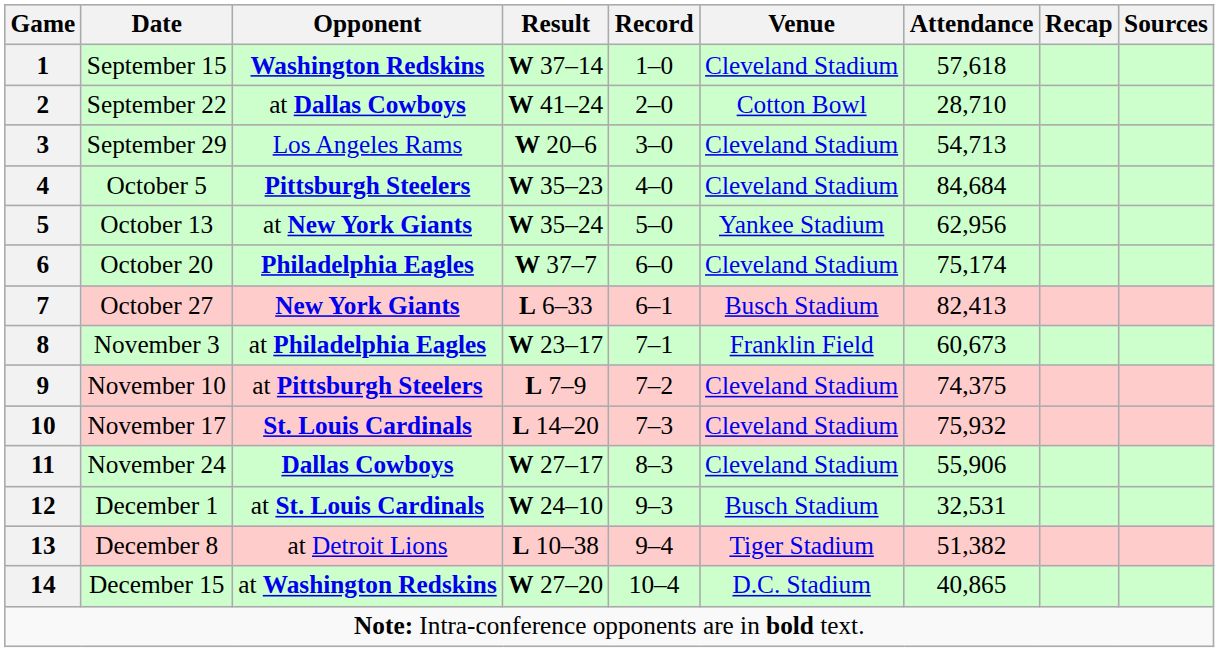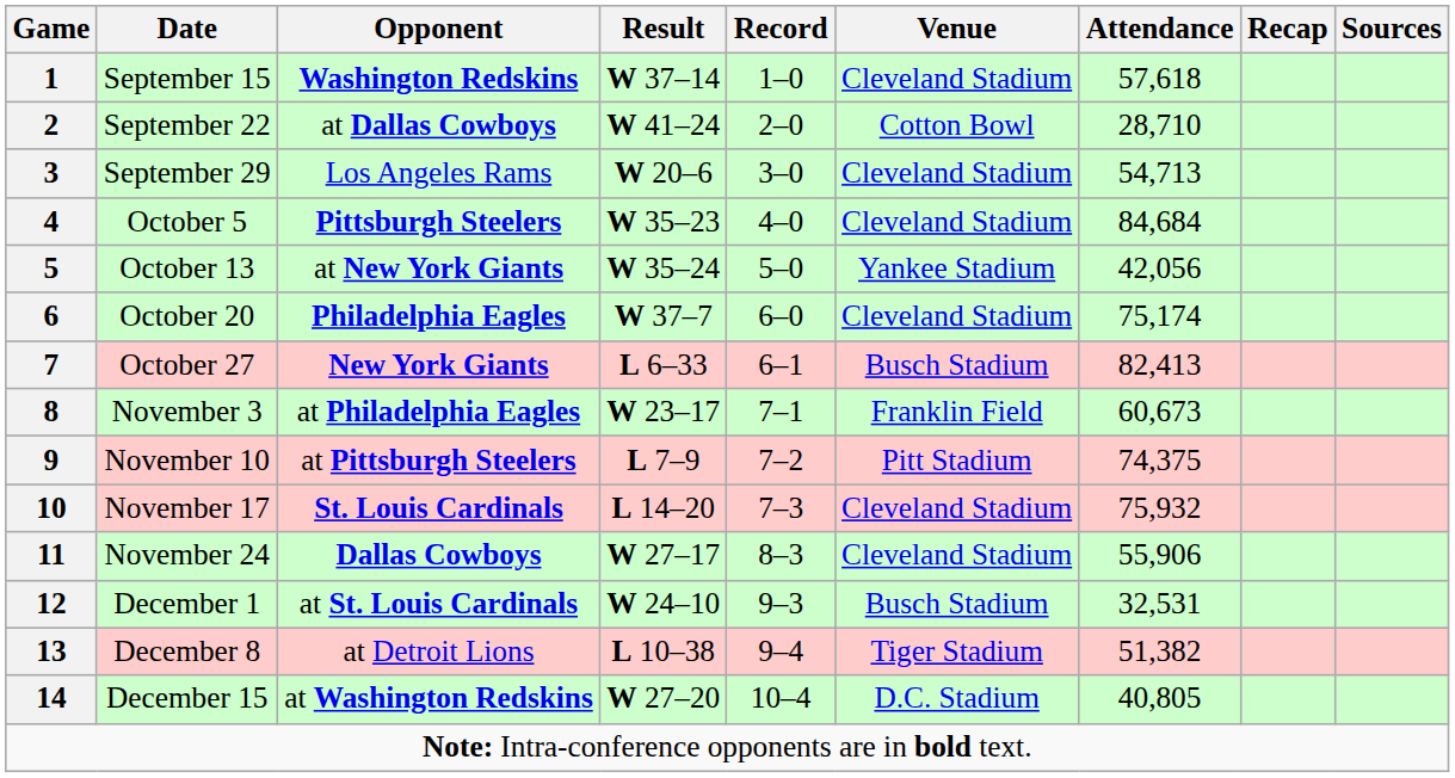 <table class="wikitable" style="text-align:center">
 <tr>
 <th>Game</th>
 <th>Date</th>
 <th>Opponent</th>
 <th>Result</th>
 <th>Record</th>
 <th>Venue</th>
 <th>Attendance</th>
 <th>Recap</th>
 <th>Sources</th>
 </tr>
 <tr style="background:#cfc">
 <th>1</th>
 <td>September 15</td>
 <td><strong><a href='#'>Washington Redskins</a></strong></td>
 <td><strong>W</strong> 37–14</td>
 <td>1–0</td>
 <td><a href='#'>Cleveland Stadium</a></td>
 <td>57,618</td>
 <td></td>
 <td></td>
 </tr>
 <tr style="background:#cfc">
 <th>2</th>
 <td>September 22</td>
 <td>at <strong><a href='#'>Dallas Cowboys</a></strong></td>
 <td><strong>W</strong> 41–24</td>
 <td>2–0</td>
 <td><a href='#'>Cotton Bowl</a></td>
 <td>28,710</td>
 <td></td>
 <td></td>
 </tr>
 <tr style="background:#cfc">
 <th>3</th>
 <td>September 29</td>
 <td><a href='#'>Los Angeles Rams</a></td>
 <td><strong>W</strong> 20–6</td>
 <td>3–0</td>
 <td><a href='#'>Cleveland Stadium</a></td>
 <td>54,713</td>
 <td></td>
 <td></td>
 </tr>
 <tr style="background:#cfc">
 <th>4</th>
 <td>October 5</td>
 <td><strong><a href='#'>Pittsburgh Steelers</a></strong></td>
 <td><strong>W</strong> 35–23</td>
 <td>4–0</td>
 <td><a href='#'>Cleveland Stadium</a></td>
 <td>84,684</td>
 <td></td>
 <td></td>
 </tr>
 <tr style="background:#cfc">
 <th>5</th>
 <td>October 13</td>
 <td>at <strong><a href='#'>New York Giants</a></strong></td>
 <td><strong>W</strong> 35–24</td>
 <td>5–0</td>
 <td><a href='#'>Yankee Stadium</a></td>
-<td>62,956</td>
+<td>42,056</td>
 <td></td>
 <td></td>
 </tr>
 <tr style="background:#cfc">
 <th>6</th>
 <td>October 20</td>
 <td><strong><a href='#'>Philadelphia Eagles</a></strong></td>
 <td><strong>W</strong> 37–7</td>
 <td>6–0</td>
 <td><a href='#'>Cleveland Stadium</a></td>
 <td>75,174</td>
 <td></td>
 <td></td>
 </tr>
 <tr style="background:#fcc">
 <th>7</th>
 <td>October 27</td>
 <td><strong><a href='#'>New York Giants</a></strong></td>
 <td><strong>L</strong> 6–33</td>
 <td>6–1</td>
 <td><a href='#'>Busch Stadium</a></td>
 <td>82,413</td>
 <td></td>
 <td></td>
 </tr>
 <tr style="background:#cfc">
 <th>8</th>
 <td>November 3</td>
 <td>at <strong><a href='#'>Philadelphia Eagles</a></strong></td>
 <td><strong>W</strong> 23–17</td>
 <td>7–1</td>
 <td><a href='#'>Franklin Field</a></td>
 <td>60,673</td>
 <td></td>
 <td></td>
 </tr>
 <tr style="background:#fcc">
 <th>9</th>
 <td>November 10</td>
 <td>at <strong><a href='#'>Pittsburgh Steelers</a></strong></td>
 <td><strong>L</strong> 7–9</td>
 <td>7–2</td>
-<td><a href='#'>Cleveland Stadium</a></td>
+<td><a href='#'>Pitt Stadium</a></td>
 <td>74,375</td>
 <td></td>
 <td></td>
 </tr>
 <tr style="background:#fcc">
 <th>10</th>
 <td>November 17</td>
 <td><strong><a href='#'>St. Louis Cardinals</a></strong></td>
 <td><strong>L</strong> 14–20</td>
 <td>7–3</td>
 <td><a href='#'>Cleveland Stadium</a></td>
 <td>75,932</td>
 <td></td>
 <td></td>
 </tr>
 <tr style="background:#cfc">
 <th>11</th>
 <td>November 24</td>
 <td><strong><a href='#'>Dallas Cowboys</a></strong></td>
 <td><strong>W</strong> 27–17</td>
 <td>8–3</td>
 <td><a href='#'>Cleveland Stadium</a></td>
 <td>55,906</td>
 <td></td>
 <td></td>
 </tr>
 <tr style="background:#cfc">
 <th>12</th>
 <td>December 1</td>
 <td>at <strong><a href='#'>St. Louis Cardinals</a></strong></td>
 <td><strong>W</strong> 24–10</td>
 <td>9–3</td>
 <td><a href='#'>Busch Stadium</a></td>
 <td>32,531</td>
 <td></td>
 <td></td>
 </tr>
 <tr style="background:#fcc">
 <th>13</th>
 <td>December 8</td>
 <td>at <a href='#'>Detroit Lions</a></td>
 <td><strong>L</strong> 10–38</td>
 <td>9–4</td>
 <td><a href='#'>Tiger Stadium</a></td>
 <td>51,382</td>
 <td></td>
 <td></td>
 </tr>
 <tr style="background:#cfc">
 <th>14</th>
 <td>December 15</td>
 <td>at <strong><a href='#'>Washington Redskins</a></strong></td>
 <td><strong>W</strong> 27–20</td>
 <td>10–4</td>
 <td><a href='#'>D.C. Stadium</a></td>
-<td>40,865</td>
+<td>40,805</td>
 <td></td>
 <td></td>
 </tr>
 <tr>
 <td colspan="10"><strong>Note:</strong> Intra-conference opponents are in <strong>bold</strong> text.</td>
 </tr>
 </table>
